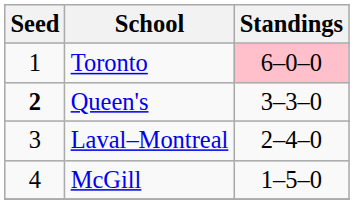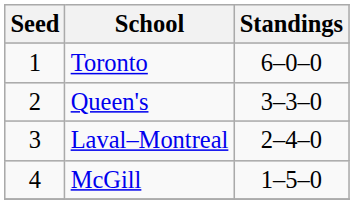 <table class="wikitable">
 <tr>
 <th>Seed</th>
 <th>School</th>
 <th>Standings</th>
 </tr>
 <tr>
 <td align=center>1</td>
 <td><a href='#'>Toronto</a></td>
-<td align=center style="background: pink;">6–0–0</td>
+<td align=center>6–0–0</td>
 </tr>
 <tr>
-<td align=center><strong>2</strong></td>
+<td align=center>2</td>
 <td><a href='#'>Queen's</a></td>
 <td align=center>3–3–0</td>
 </tr>
 <tr>
 <td align=center>3</td>
 <td><a href='#'>Laval–Montreal</a></td>
 <td align=center>2–4–0</td>
 </tr>
 <tr>
 <td align=center>4</td>
 <td><a href='#'>McGill</a></td>
 <td align=center>1–5–0</td>
 </tr>
 <tr>
 </tr>
 </table>
